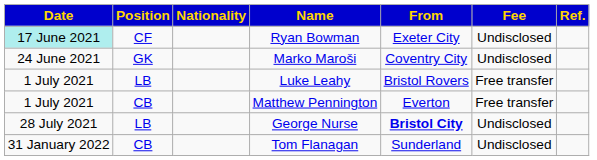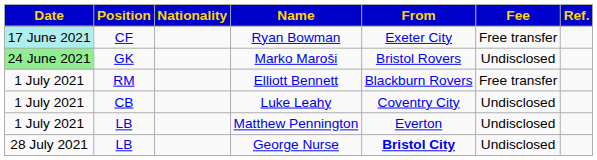 <table class="wikitable"  style="text-align:center; font-size:90%; ">
 <tr>
 <th style="background:mediumblue;color:gold;">Date</th>
 <th style="background:mediumblue;color:gold;">Position</th>
 <th style="background:mediumblue;color:gold;">Nationality</th>
 <th style="background:mediumblue;color:gold;">Name</th>
 <th style="background:mediumblue;color:gold;">From</th>
 <th style="background:mediumblue;color:gold;">Fee</th>
 <th style="background:mediumblue;color:gold;">Ref.</th>
 </tr>
 <tr>
 <td style="background: paleturquoise;">17 June 2021</td>
 <td><a href='#'>CF</a></td>
 <td></td>
 <td><a href='#'>Ryan Bowman</a></td>
 <td> <a href='#'>Exeter City</a></td>
+<td>Free transfer</td>
+<td></td>
+</tr>
+<tr>
+<td style="background: lightgreen;">24 June 2021</td>
+<td><a href='#'>GK</a></td>
+<td></td>
+<td><a href='#'>Marko Maroši</a></td>
+<td> <a href='#'>Bristol Rovers</a></td>
 <td>Undisclosed</td>
 <td></td>
 </tr>
 <tr>
-<td>24 June 2021</td>
-<td><a href='#'>GK</a></td>
+<td>1 July 2021</td>
+<td><a href='#'>RM</a></td>
 <td></td>
-<td><a href='#'>Marko Maroši</a></td>
+<td><a href='#'>Elliott Bennett</a></td>
+<td> <a href='#'>Blackburn Rovers</a></td>
+<td>Free transfer</td>
+<td></td>
+</tr>
+<tr>
+<td>1 July 2021</td>
+<td><a href='#'>CB</a></td>
+<td></td>
+<td><a href='#'>Luke Leahy</a></td>
 <td> <a href='#'>Coventry City</a></td>
 <td>Undisclosed</td>
 <td></td>
 </tr>
 <tr>
 <td>1 July 2021</td>
 <td><a href='#'>LB</a></td>
 <td></td>
-<td><a href='#'>Luke Leahy</a></td>
-<td> <a href='#'>Bristol Rovers</a></td>
-<td>Free transfer</td>
-<td></td>
-</tr>
-<tr>
-<td>1 July 2021</td>
-<td><a href='#'>CB</a></td>
-<td></td>
 <td><a href='#'>Matthew Pennington</a></td>
 <td> <a href='#'>Everton</a></td>
-<td>Free transfer</td>
+<td>Undisclosed</td>
 <td></td>
 </tr>
 <tr>
 <td>28 July 2021</td>
 <td><a href='#'>LB</a></td>
 <td></td>
 <td><a href='#'>George Nurse</a></td>
 <td><strong> <a href='#'>Bristol City</a></strong></td>
 <td>Undisclosed</td>
 <td></td>
 </tr>
-<tr>
-<td>31 January 2022</td>
-<td><a href='#'>CB</a></td>
-<td></td>
-<td><a href='#'>Tom Flanagan</a></td>
-<td> <a href='#'>Sunderland</a></td>
-<td>Undisclosed</td>
-<td></td>
-</tr>
 </table>
